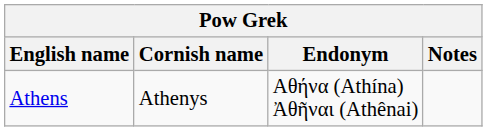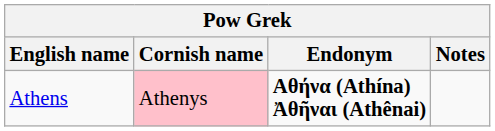 <table class="wikitable sortable">
 <tr>
 <th colspan="24"> Pow Grek</th>
 </tr>
 <tr>
 <th>English name</th>
 <th>Cornish name</th>
 <th>Endonym</th>
 <th>Notes</th>
 </tr>
 <tr>
 <td><a href='#'>Athens</a></td>
-<td>Athenys</td>
-<td>Αθήνα (Athína)<br>Ἀθῆναι (Athênai)</td>
+<td style="background: pink;">Athenys</td>
+<td><strong>Αθήνα (Athína)<br>Ἀθῆναι (Athênai)</strong></td>
 <td></td>
 </tr>
 </table>
